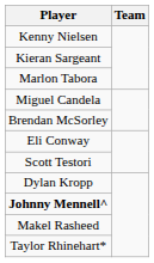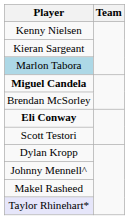 <table class="wikitable" style="text-align: center;">
 <tr>
 <th>Player</th>
 <th>Team</th>
 </tr>
 <tr>
 <td>Kenny Nielsen</td>
 <td rowspan=3></td>
 </tr>
 <tr>
 <td>Kieran Sargeant</td>
 </tr>
 <tr>
-<td>Marlon Tabora</td>
+<td style="background: lightblue;">Marlon Tabora</td>
 </tr>
 <tr>
-<td>Miguel Candela</td>
+<td><strong>Miguel Candela</strong></td>
 <td rowspan=2></td>
 </tr>
 <tr>
 <td>Brendan McSorley</td>
 </tr>
 <tr>
-<td>Eli Conway</td>
+<td><strong>Eli Conway</strong></td>
 <td rowspan=2></td>
 </tr>
 <tr>
 <td>Scott Testori</td>
 </tr>
 <tr>
 <td>Dylan Kropp</td>
 <td rowspan=4></td>
 </tr>
 <tr>
-<td><strong>Johnny Mennell^</strong></td>
+<td>Johnny Mennell^</td>
 </tr>
 <tr>
 <td>Makel Rasheed</td>
 </tr>
 <tr>
-<td>Taylor Rhinehart*</td>
+<td style="background: lavender;">Taylor Rhinehart*</td>
 </tr>
 </table>
